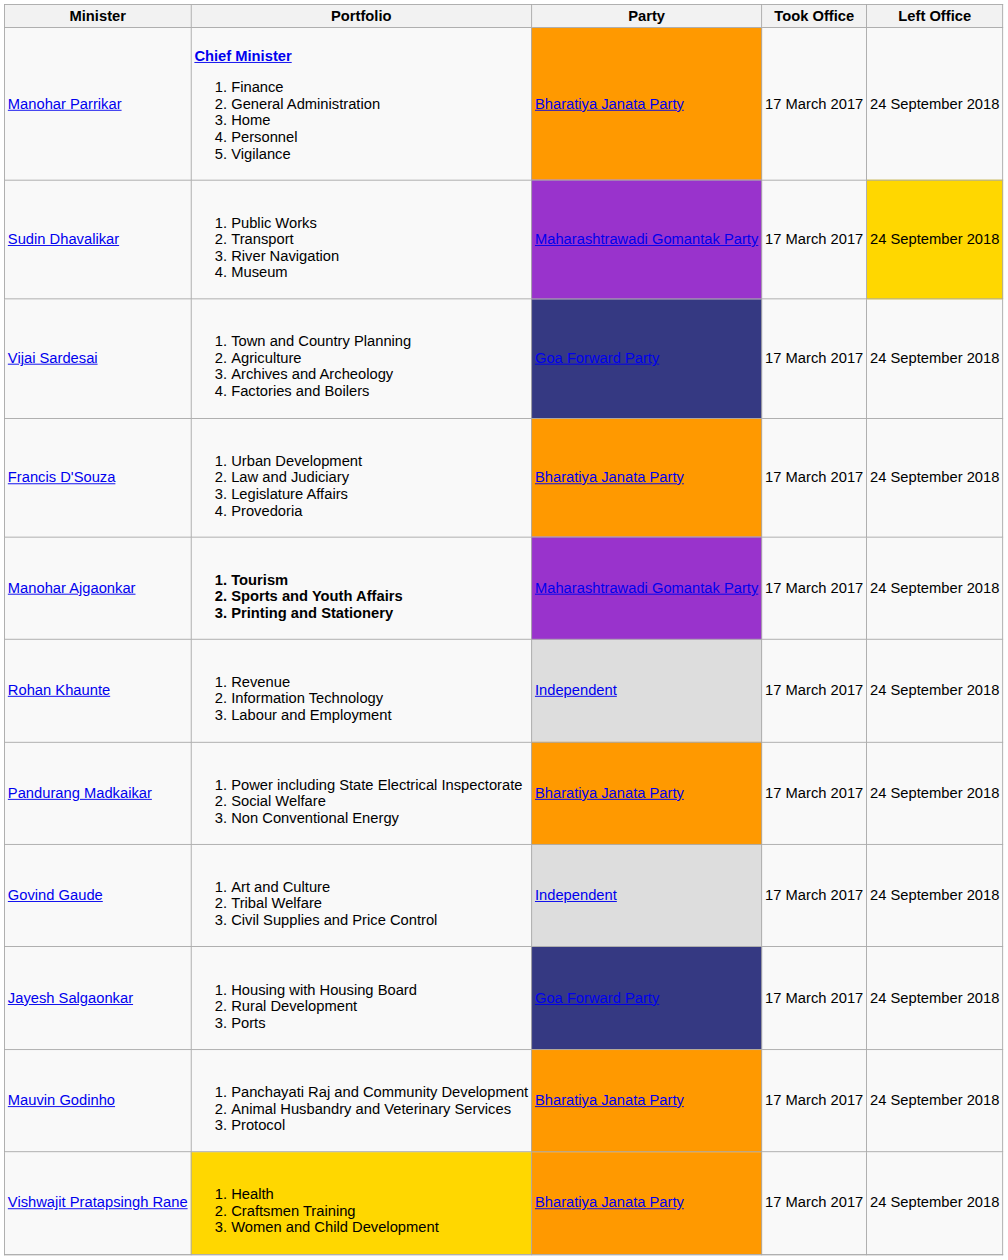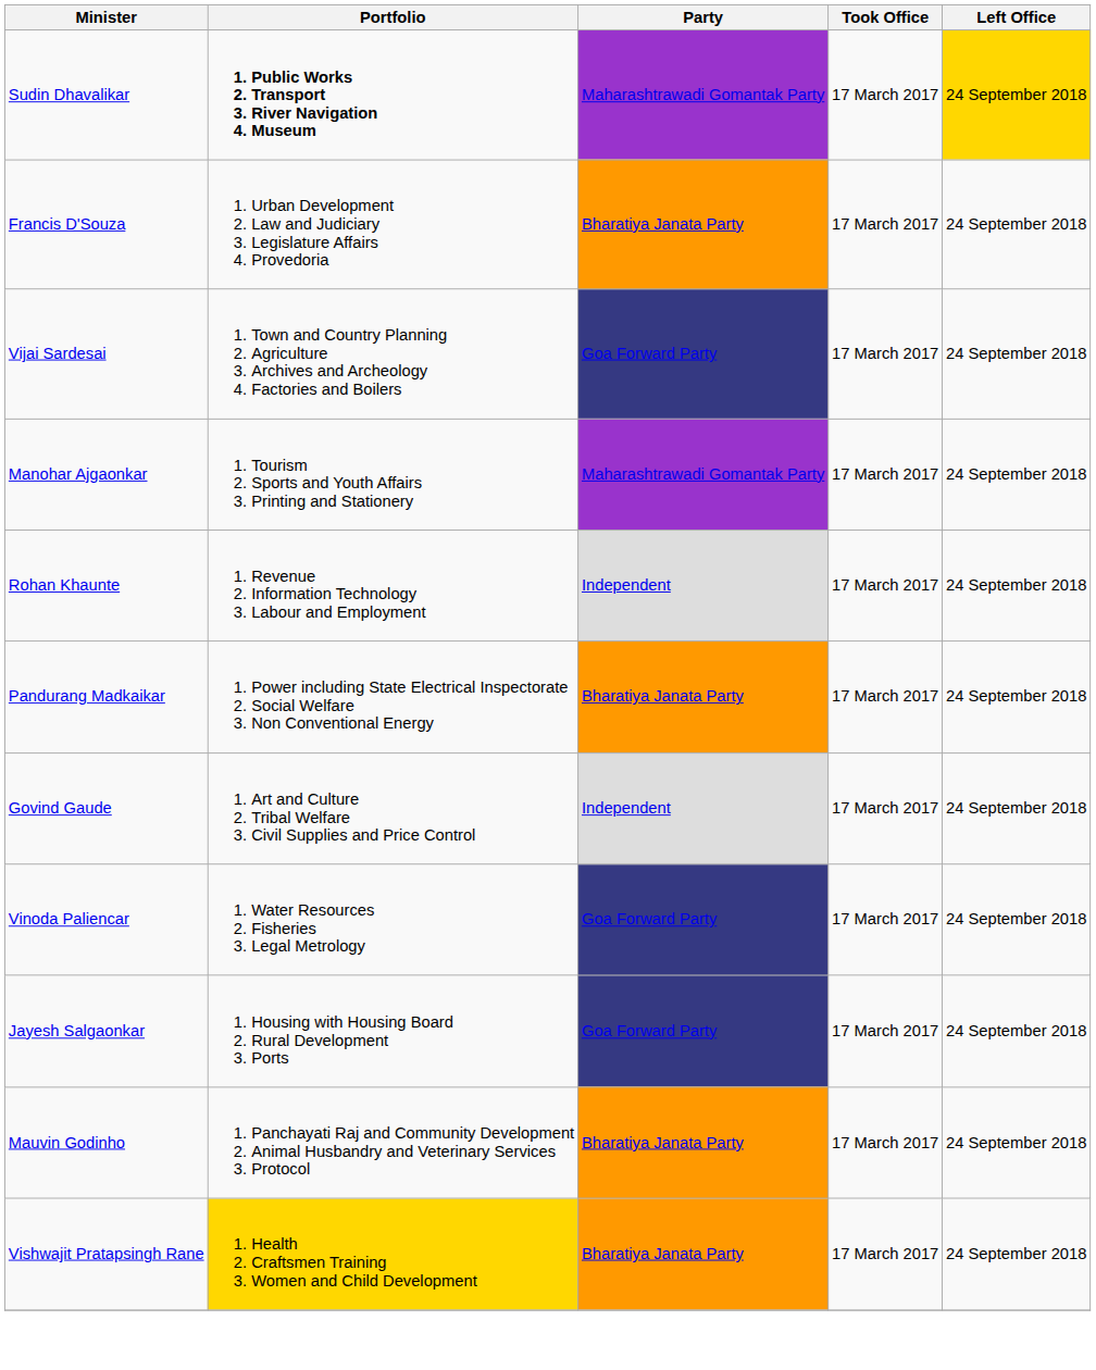 <table class="wikitable sortable">
 <tr>
 <th>Minister</th>
 <th>Portfolio</th>
 <th>Party</th>
 <th>Took Office</th>
 <th>Left Office</th>
 </tr>
 <tr>
-<td><a href='#'>Manohar Parrikar</a></td>
-<td><br><strong><a href='#'>Chief Minister</a></strong><ol><li>Finance</li><li>General Administration</li><li>Home</li><li>Personnel</li><li>Vigilance</li></ol></td>
+<td><a href='#'>Sudin Dhavalikar</a></td>
+<td><strong><br><ol><li>Public Works</li><li>Transport</li><li>River Navigation</li><li>Museum</li></ol></strong></td>
+<td bgcolor=#9933CC><a href='#'>Maharashtrawadi Gomantak Party</a></td>
+<td>17 March 2017</td>
+<td style="background: gold;">24 September 2018</td>
+</tr>
+<tr>
+<td><a href='#'>Francis D'Souza</a></td>
+<td><br><ol><li>Urban Development</li><li>Law and Judiciary</li><li>Legislature Affairs</li><li>Provedoria</li></ol></td>
 <td bgcolor=#FF9900><a href='#'>Bharatiya Janata Party</a></td>
 <td>17 March 2017</td>
 <td>24 September 2018</td>
-</tr>
-<tr>
-<td><a href='#'>Sudin Dhavalikar</a></td>
-<td><br><ol><li>Public Works</li><li>Transport</li><li>River Navigation</li><li>Museum</li></ol></td>
-<td bgcolor=#9933CC><a href='#'>Maharashtrawadi Gomantak Party</a></td>
-<td>17 March 2017</td>
-<td style="background: gold;">24 September 2018</td>
 </tr>
 <tr>
 <td><a href='#'>Vijai Sardesai</a></td>
 <td><br><ol><li>Town and Country Planning</li><li>Agriculture</li><li>Archives and Archeology</li><li>Factories and Boilers</li></ol></td>
 <td bgcolor=#353982><a href='#'>Goa Forward Party</a></td>
 <td>17 March 2017</td>
 <td>24 September 2018</td>
 </tr>
 <tr>
-<td><a href='#'>Francis D'Souza</a></td>
-<td><br><ol><li>Urban Development</li><li>Law and Judiciary</li><li>Legislature Affairs</li><li>Provedoria</li></ol></td>
-<td bgcolor=#FF9900><a href='#'>Bharatiya Janata Party</a></td>
-<td>17 March 2017</td>
-<td>24 September 2018</td>
-</tr>
-<tr>
 <td><a href='#'>Manohar Ajgaonkar</a></td>
-<td><strong><br><ol><li>Tourism</li><li>Sports and Youth Affairs</li><li>Printing and Stationery</li></ol></strong></td>
+<td><br><ol><li>Tourism</li><li>Sports and Youth Affairs</li><li>Printing and Stationery</li></ol></td>
 <td bgcolor=#9933CC><a href='#'>Maharashtrawadi Gomantak Party</a></td>
 <td>17 March 2017</td>
 <td>24 September 2018</td>
 </tr>
 <tr>
 <td><a href='#'>Rohan Khaunte</a></td>
 <td><br><ol><li>Revenue</li><li>Information Technology</li><li>Labour and Employment</li></ol></td>
 <td bgcolor=#DDDDDD><a href='#'>Independent</a></td>
 <td>17 March 2017</td>
 <td>24 September 2018</td>
 </tr>
 <tr>
 <td><a href='#'>Pandurang Madkaikar</a></td>
 <td><br><ol><li>Power including State Electrical Inspectorate</li><li>Social Welfare</li><li>Non Conventional Energy</li></ol></td>
 <td bgcolor=#FF9900><a href='#'>Bharatiya Janata Party</a></td>
 <td>17 March 2017</td>
 <td>24 September 2018</td>
 </tr>
 <tr>
 <td><a href='#'>Govind Gaude</a></td>
 <td><br><ol><li>Art and Culture</li><li>Tribal Welfare</li><li>Civil Supplies and Price Control</li></ol></td>
 <td bgcolor=#DDDDDD><a href='#'>Independent</a></td>
+<td>17 March 2017</td>
+<td>24 September 2018</td>
+</tr>
+<tr>
+<td><a href='#'>Vinoda Paliencar</a></td>
+<td><br><ol><li>Water Resources</li><li>Fisheries</li><li>Legal Metrology</li></ol></td>
+<td bgcolor=#353982><a href='#'>Goa Forward Party</a></td>
 <td>17 March 2017</td>
 <td>24 September 2018</td>
 </tr>
 <tr>
 <td><a href='#'>Jayesh Salgaonkar</a></td>
 <td><br><ol><li>Housing with Housing Board</li><li>Rural Development</li><li>Ports</li></ol></td>
 <td bgcolor=#353982><a href='#'>Goa Forward Party</a></td>
 <td>17 March 2017</td>
 <td>24 September 2018</td>
 </tr>
 <tr>
 <td><a href='#'>Mauvin Godinho</a></td>
 <td><br><ol><li>Panchayati Raj and Community Development</li><li>Animal Husbandry and Veterinary Services</li><li>Protocol</li></ol></td>
 <td bgcolor=#FF9900><a href='#'>Bharatiya Janata Party</a></td>
 <td>17 March 2017</td>
 <td>24 September 2018</td>
 </tr>
 <tr>
 <td><a href='#'>Vishwajit Pratapsingh Rane</a></td>
 <td style="background: gold;"><br><ol><li>Health</li><li>Craftsmen Training</li><li>Women and Child Development</li></ol></td>
 <td bgcolor=#FF9900><a href='#'>Bharatiya Janata Party</a></td>
 <td>17 March 2017</td>
 <td>24 September 2018</td>
 </tr>
 <tr>
 </tr>
 </table>
